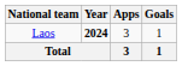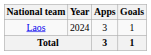 <table class="wikitable" style="text-align: center;">
 <tr>
 <th>National team</th>
 <th>Year</th>
 <th>Apps</th>
 <th>Goals</th>
 </tr>
 <tr>
 <td rowspan=1><a href='#'>Laos</a></td>
-<td><strong>2024</strong></td>
+<td>2024</td>
 <td>3</td>
 <td>1</td>
 </tr>
 <tr>
 <th colspan=2>Total</th>
 <th>3</th>
 <th>1</th>
 </tr>
 </table>
